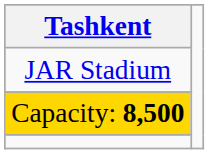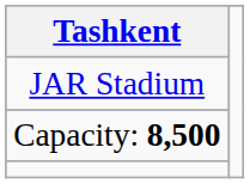 <table class="wikitable" style="text-align:center">
 <tr>
 <th><a href='#'>Tashkent</a></th>
 <td rowspan=4></td>
 </tr>
 <tr>
 <td><a href='#'>JAR Stadium</a></td>
 </tr>
 <tr>
-<td style="background: gold;">Capacity: <strong>8,500</strong></td>
+<td>Capacity: <strong>8,500</strong></td>
 </tr>
 <tr>
 <td></td>
 </tr>
 </table>
